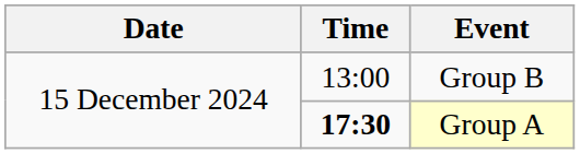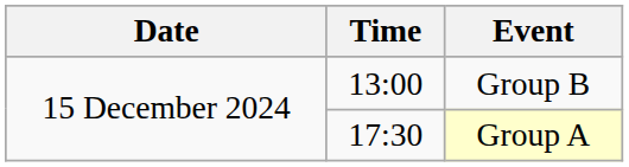 <table class = "wikitable" style="text-align:center;">
 <tr>
 <th width=150>Date</th>
 <th width=50>Time</th>
 <th width=80>Event</th>
 </tr>
 <tr>
 <td rowspan=2>15 December 2024</td>
 <td>13:00</td>
 <td>Group B</td>
 </tr>
 <tr>
-<td><strong>17:30</strong></td>
+<td>17:30</td>
 <td bgcolor="ffffcc">Group A</td>
 </tr>
 </table>
